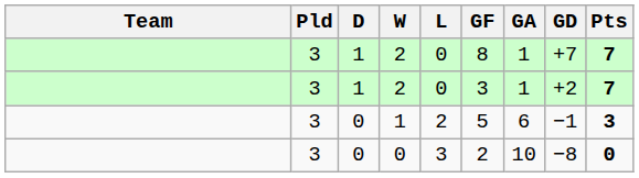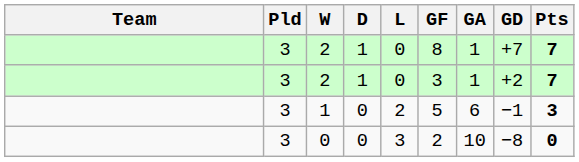 <table class="wikitable" style="text-align: center;">
 <tr>
 <th width=175>Team</th>
 <th width=20 abbr="Played">Pld</th>
+<th width=20 abbr="Won">W</th>
 <th width=20 abbr="Drawn">D</th>
-<th width=20 abbr="Won">W</th>
 <th width=20 abbr="Lost">L</th>
 <th width=20 abbr="Goals for">GF</th>
 <th width=20 abbr="Goals against">GA</th>
 <th width=20 abbr="Goal difference">GD</th>
 <th width=20 abbr="Points">Pts</th>
 </tr>
 <tr bgcolor=#ccffcc>
 <td align=left></td>
 <td>3</td>
+<td>2</td>
 <td>1</td>
-<td>2</td>
 <td>0</td>
 <td>8</td>
 <td>1</td>
 <td>+7</td>
 <td><strong>7</strong></td>
 </tr>
 <tr bgcolor=#ccffcc>
 <td align=left></td>
 <td>3</td>
+<td>2</td>
 <td>1</td>
-<td>2</td>
 <td>0</td>
 <td>3</td>
 <td>1</td>
 <td>+2</td>
 <td><strong>7</strong></td>
 </tr>
 <tr>
 <td align=left></td>
 <td>3</td>
+<td>1</td>
 <td>0</td>
-<td>1</td>
 <td>2</td>
 <td>5</td>
 <td>6</td>
 <td>−1</td>
 <td><strong>3</strong></td>
 </tr>
 <tr>
 <td align=left></td>
 <td>3</td>
 <td>0</td>
 <td>0</td>
 <td>3</td>
 <td>2</td>
 <td>10</td>
 <td>−8</td>
 <td><strong>0</strong></td>
 </tr>
 </table>
